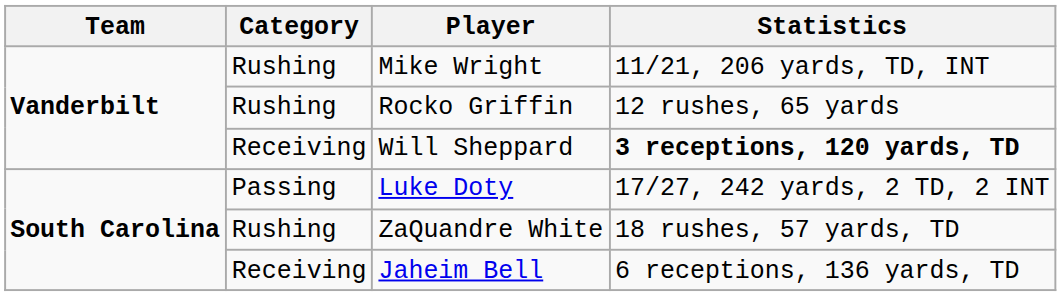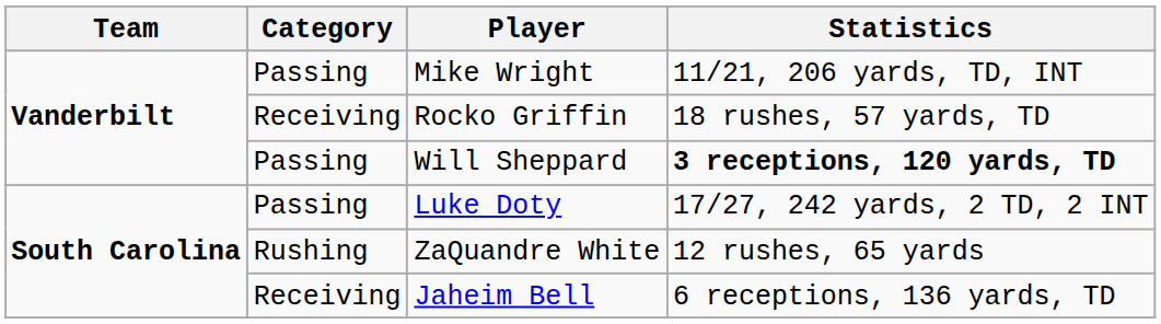 <table class="wikitable" style="float: right;">
 <tr>
 <th>Team</th>
 <th>Category</th>
 <th>Player</th>
 <th>Statistics</th>
 </tr>
 <tr>
 <td rowspan=3><strong>Vanderbilt</strong></td>
-<td>Rushing</td>
+<td>Passing</td>
 <td>Mike Wright</td>
 <td>11/21, 206 yards, TD, INT</td>
 </tr>
 <tr>
-<td>Rushing</td>
+<td>Receiving</td>
 <td>Rocko Griffin</td>
-<td>12 rushes, 65 yards</td>
+<td>18 rushes, 57 yards, TD</td>
 </tr>
 <tr>
-<td>Receiving</td>
+<td>Passing</td>
 <td>Will Sheppard</td>
 <td><strong>3 receptions, 120 yards, TD</strong></td>
 </tr>
 <tr>
 <td rowspan=3><strong>South Carolina</strong></td>
 <td>Passing</td>
 <td><a href='#'>Luke Doty</a></td>
 <td>17/27, 242 yards, 2 TD, 2 INT</td>
 </tr>
 <tr>
 <td>Rushing</td>
 <td>ZaQuandre White</td>
-<td>18 rushes, 57 yards, TD</td>
+<td>12 rushes, 65 yards</td>
 </tr>
 <tr>
 <td>Receiving</td>
 <td><a href='#'>Jaheim Bell</a></td>
 <td>6 receptions, 136 yards, TD</td>
 </tr>
 </table>
